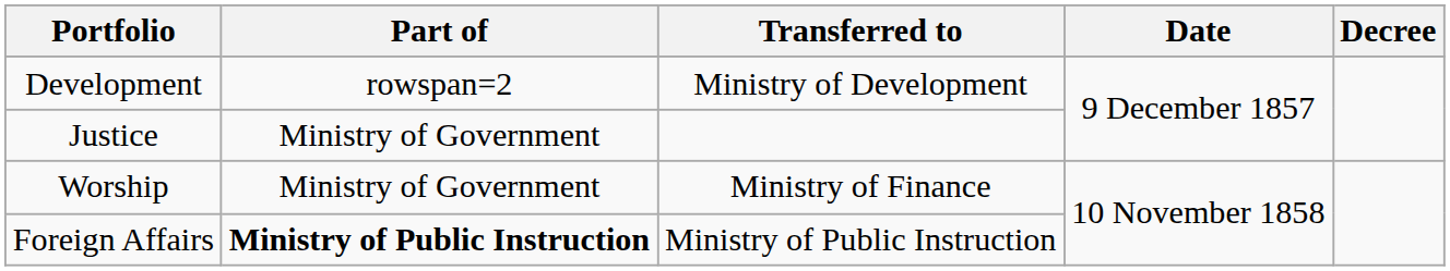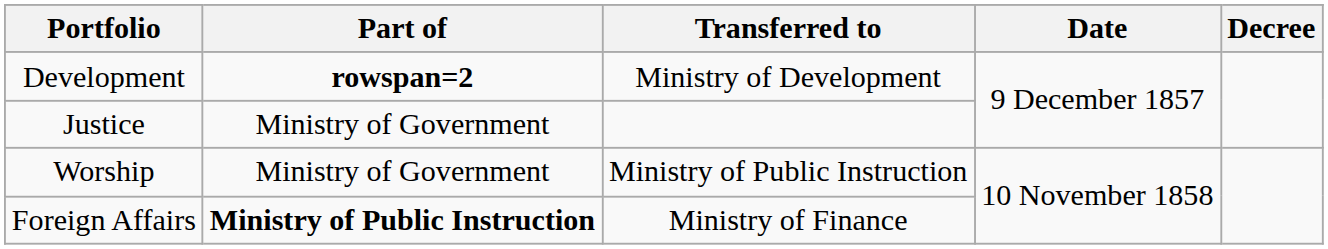 <table class="wikitable" style="text-align:center;">
 <tr>
 <th>Portfolio</th>
 <th>Part of</th>
 <th>Transferred to</th>
 <th>Date</th>
 <th>Decree</th>
 </tr>
 <tr>
 <td>Development</td>
-<td>rowspan=2 </td>
+<td><strong>rowspan=2 </strong></td>
 <td>Ministry of Development</td>
 <td rowspan=2>9 December 1857</td>
 <td rowspan=2></td>
 </tr>
 <tr>
 <td>Justice</td>
 <td>Ministry of Government</td>
 </tr>
 <tr>
 <td>Worship</td>
 <td>Ministry of Government</td>
-<td>Ministry of Finance</td>
+<td>Ministry of Public Instruction</td>
 <td rowspan=2>10 November 1858</td>
 <td rowspan=2></td>
 </tr>
 <tr>
 <td>Foreign Affairs</td>
 <td><strong>Ministry of Public Instruction</strong></td>
-<td>Ministry of Public Instruction</td>
+<td>Ministry of Finance</td>
 </tr>
 </table>
